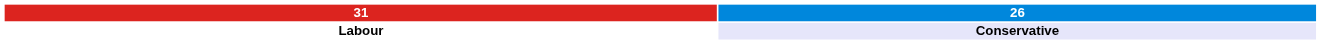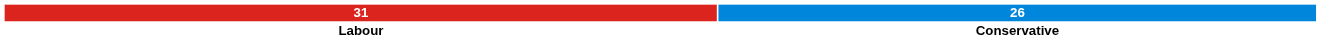 <table style="width:100%; text-align:center;">
 <tr style="color:white;">
 <td style="background:#dc241f; width:54.4;"><strong>31</strong></td>
 <td style="background:#0087dc; width:45.6%;"><strong>26</strong></td>
 </tr>
 <tr>
 <td><span><strong>Labour</strong></span></td>
-<td style="background: lavender;"><span><strong>Conservative</strong></span></td>
+<td><span><strong>Conservative</strong></span></td>
 </tr>
 </table>
